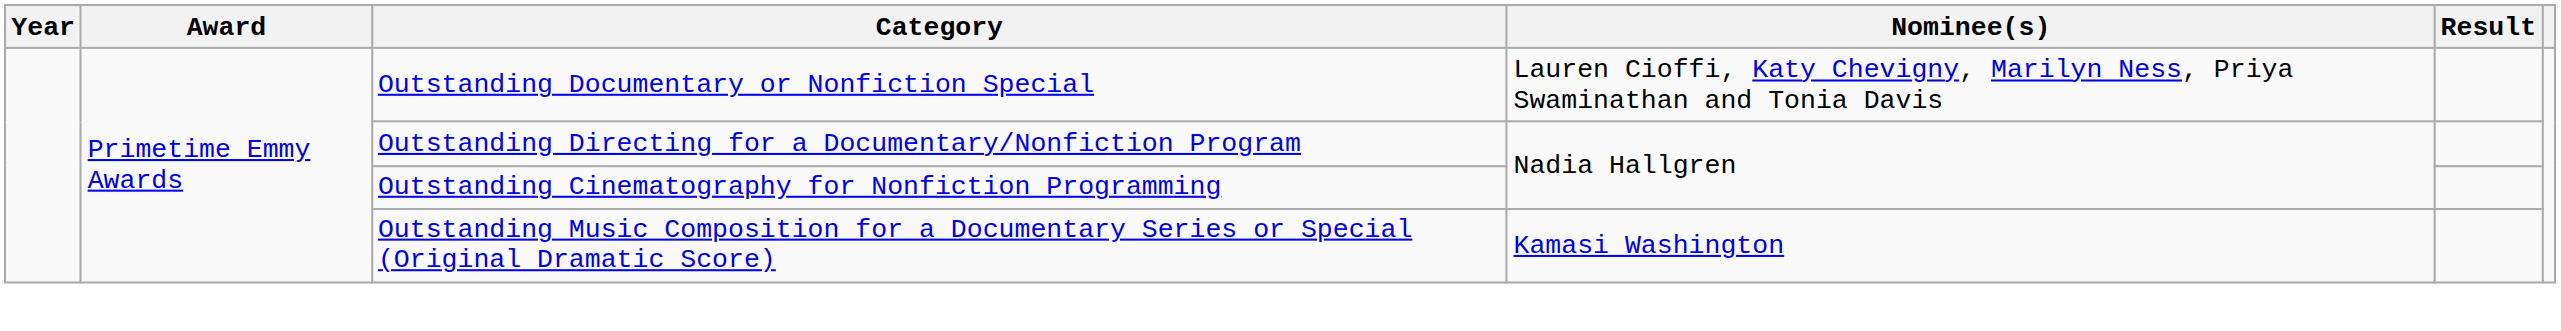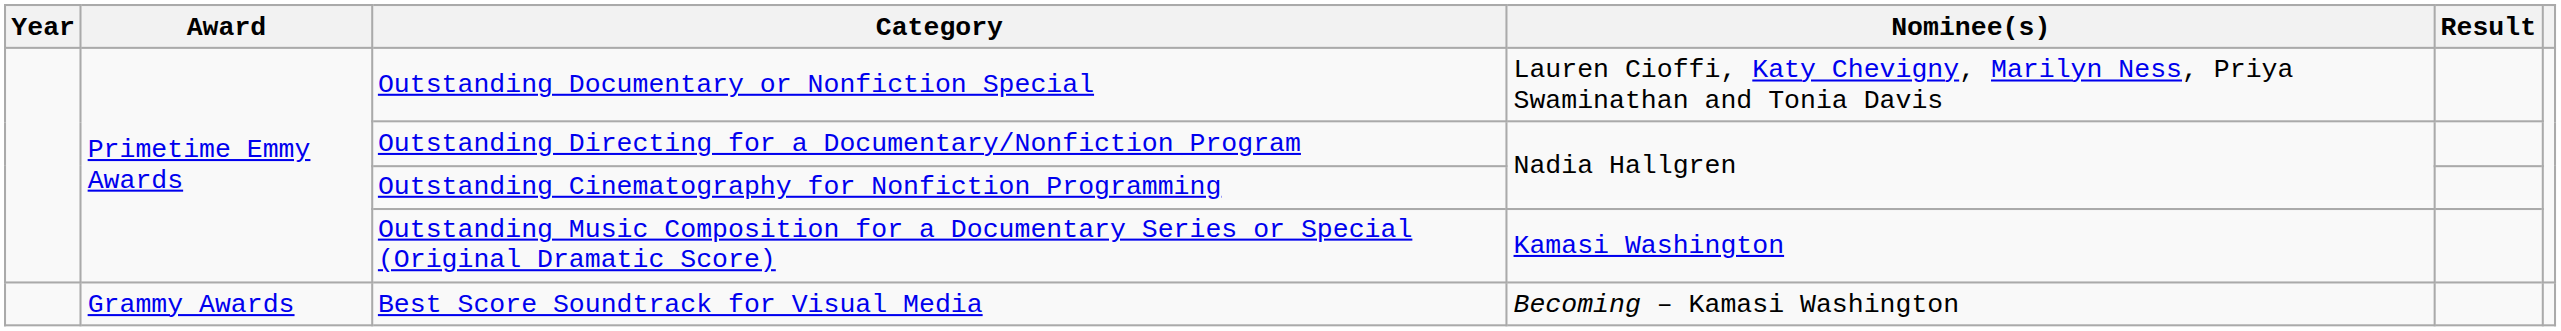 <table class="wikitable sortable">
 <tr>
 <th>Year</th>
 <th>Award</th>
 <th>Category</th>
 <th>Nominee(s)</th>
 <th>Result</th>
 <th></th>
 </tr>
 <tr>
 <td rowspan="4"></td>
 <td rowspan="4"><a href='#'>Primetime Emmy Awards</a></td>
 <td><a href='#'>Outstanding Documentary or Nonfiction Special</a></td>
 <td>Lauren Cioffi, <a href='#'>Katy Chevigny</a>, <a href='#'>Marilyn Ness</a>, Priya Swaminathan and Tonia Davis</td>
 <td></td>
 <td align="center" rowspan="4"></td>
 </tr>
 <tr>
 <td><a href='#'>Outstanding Directing for a Documentary/Nonfiction Program</a></td>
 <td rowspan="2">Nadia Hallgren</td>
 <td></td>
 </tr>
 <tr>
 <td><a href='#'>Outstanding Cinematography for Nonfiction Programming</a></td>
 <td></td>
 </tr>
 <tr>
 <td><a href='#'>Outstanding Music Composition for a Documentary Series or Special (Original Dramatic Score)</a></td>
 <td><a href='#'>Kamasi Washington</a></td>
 <td></td>
 </tr>
+<tr>
+<td rowspan="1"></td>
+<td><a href='#'>Grammy Awards</a></td>
+<td><a href='#'>Best Score Soundtrack for Visual Media</a></td>
+<td><em>Becoming</em> – Kamasi Washington</td>
+<td></td>
+<td align="center"></td>
+</tr>
 </table>
